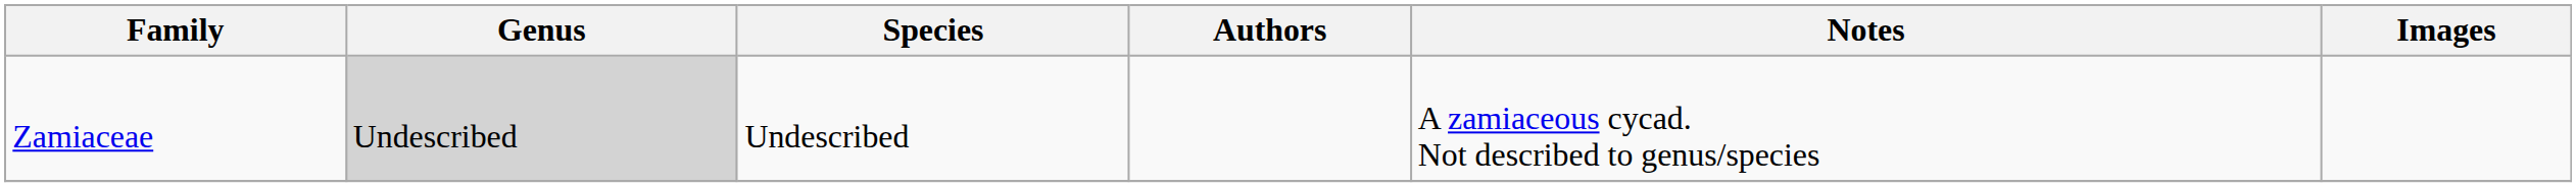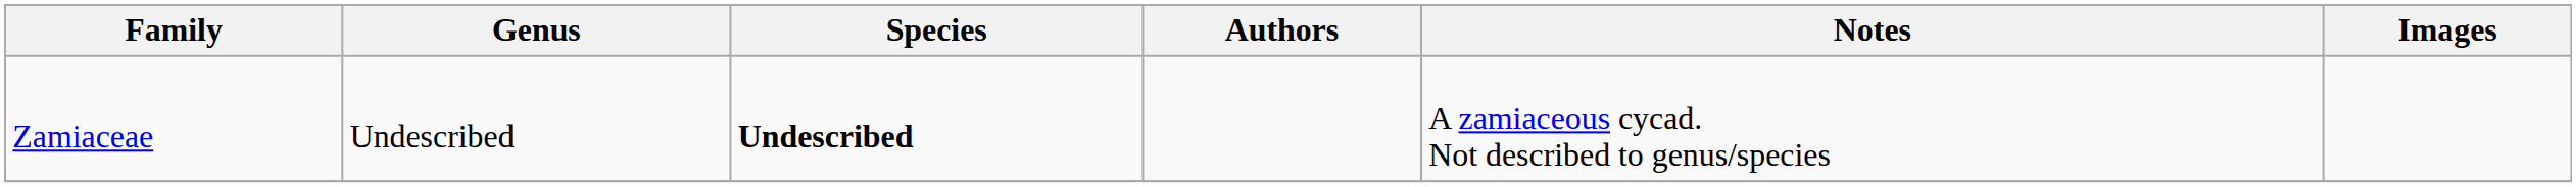 <table class="wikitable sortable"  style="margin:auto; width:100%;">
 <tr>
 <th>Family</th>
 <th>Genus</th>
 <th>Species</th>
 <th>Authors</th>
 <th>Notes</th>
 <th>Images</th>
 </tr>
 <tr>
 <td><br><a href='#'>Zamiaceae</a></td>
-<td style="background: lightgrey;"><br>Undescribed</td>
 <td><br>Undescribed</td>
+<td><strong><br>Undescribed</strong></td>
 <td></td>
 <td><br>A <a href='#'>zamiaceous</a> cycad.<br> Not described to genus/species</td>
 <td><br></td>
 </tr>
 <tr>
 </tr>
 </table>
